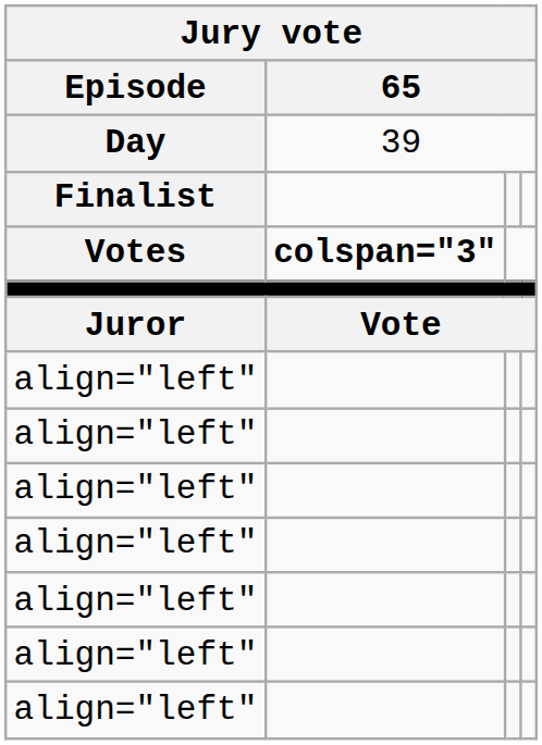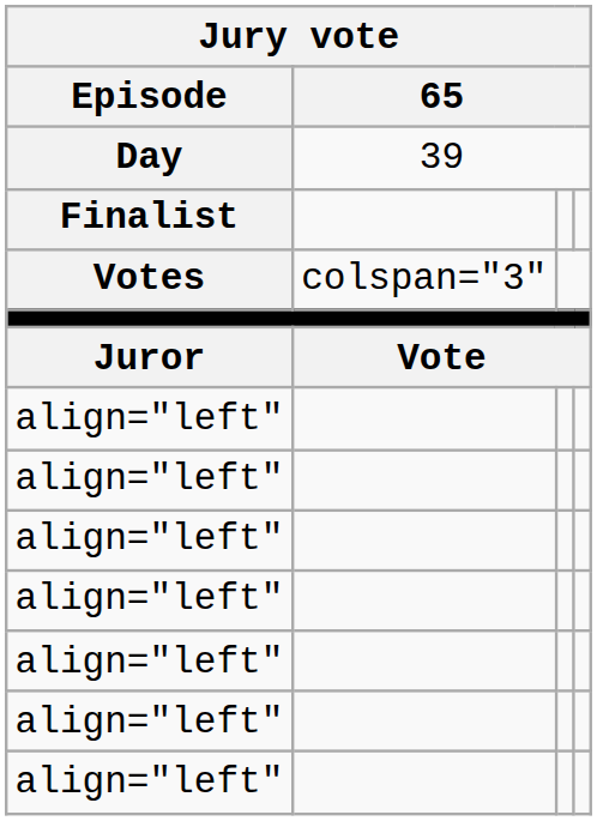 <table class="wikitable" style="text-align:center;">
 <tr>
 <th colspan="5">Jury vote</th>
 </tr>
 <tr>
 <th align="left">Episode</th>
 <th style="text-align:center;" colspan="3">65</th>
 </tr>
 <tr>
 <th align="left">Day</th>
 <td style="text-align:center;" colspan="3">39</td>
 </tr>
 <tr>
 <th align="left">Finalist</th>
 <td></td>
 <td></td>
 <td></td>
 </tr>
 <tr>
 <th align="left">Votes</th>
-<td><strong>colspan="3" </strong></td>
+<td>colspan="3" </td>
 </tr>
 <tr>
 <td colspan="4" bgcolor="black"></td>
 </tr>
 <tr>
 <th>Juror</th>
 <th colspan="3">Vote</th>
 </tr>
 <tr>
 <td>align="left" </td>
 <td></td>
 <td></td>
 <td></td>
 </tr>
 <tr>
 <td>align="left" </td>
 <td></td>
 <td></td>
 <td></td>
 </tr>
 <tr>
 <td>align="left" </td>
 <td></td>
 <td></td>
 <td></td>
 </tr>
 <tr>
 <td>align="left" </td>
 <td></td>
 <td></td>
 <td></td>
 </tr>
 <tr>
 <td>align="left" </td>
 <td></td>
 <td></td>
 <td></td>
 </tr>
 <tr>
 <td>align="left" </td>
 <td></td>
 <td></td>
 <td></td>
 </tr>
 <tr>
 <td>align="left" </td>
 <td></td>
 <td></td>
 <td></td>
 </tr>
 </table>
